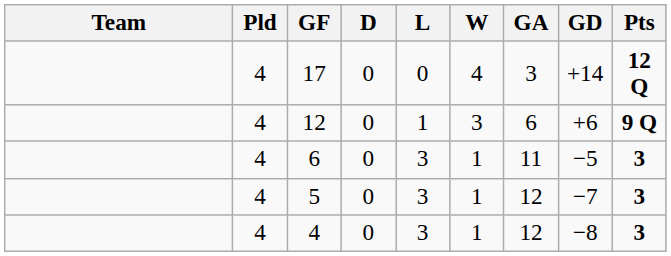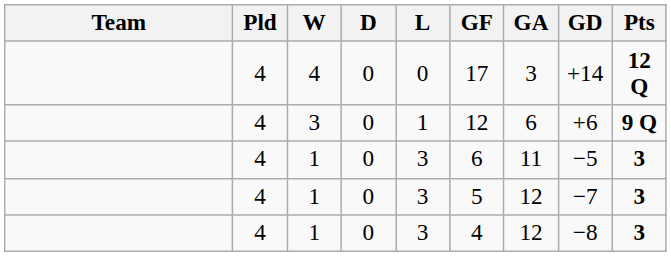 <table class=wikitable style="text-align:center">
 <tr>
 <th width=150>Team</th>
 <th width=30>Pld</th>
-<th width=30>GF</th>
+<th width=30>W</th>
 <th width=30>D</th>
 <th width=30>L</th>
-<th width=30>W</th>
+<th width=30>GF</th>
 <th width=30>GA</th>
 <th width=30>GD</th>
 <th width=30>Pts</th>
 </tr>
 <tr>
 <td align=left></td>
 <td>4</td>
-<td>17</td>
+<td>4</td>
 <td>0</td>
 <td>0</td>
-<td>4</td>
+<td>17</td>
 <td>3</td>
 <td>+14</td>
 <td><strong>12 Q</strong></td>
 </tr>
 <tr>
 <td align=left></td>
 <td>4</td>
-<td>12</td>
+<td>3</td>
 <td>0</td>
 <td>1</td>
-<td>3</td>
+<td>12</td>
 <td>6</td>
 <td>+6</td>
 <td><strong>9 Q</strong></td>
 </tr>
 <tr>
 <td align=left></td>
 <td>4</td>
-<td>6</td>
+<td>1</td>
 <td>0</td>
 <td>3</td>
-<td>1</td>
+<td>6</td>
 <td>11</td>
 <td>−5</td>
 <td><strong>3</strong></td>
 </tr>
 <tr>
 <td align=left></td>
 <td>4</td>
-<td>5</td>
+<td>1</td>
 <td>0</td>
 <td>3</td>
-<td>1</td>
+<td>5</td>
 <td>12</td>
 <td>−7</td>
 <td><strong>3</strong></td>
 </tr>
 <tr>
 <td align=left></td>
 <td>4</td>
-<td>4</td>
+<td>1</td>
 <td>0</td>
 <td>3</td>
-<td>1</td>
+<td>4</td>
 <td>12</td>
 <td>−8</td>
 <td><strong>3</strong></td>
 </tr>
 </table>
